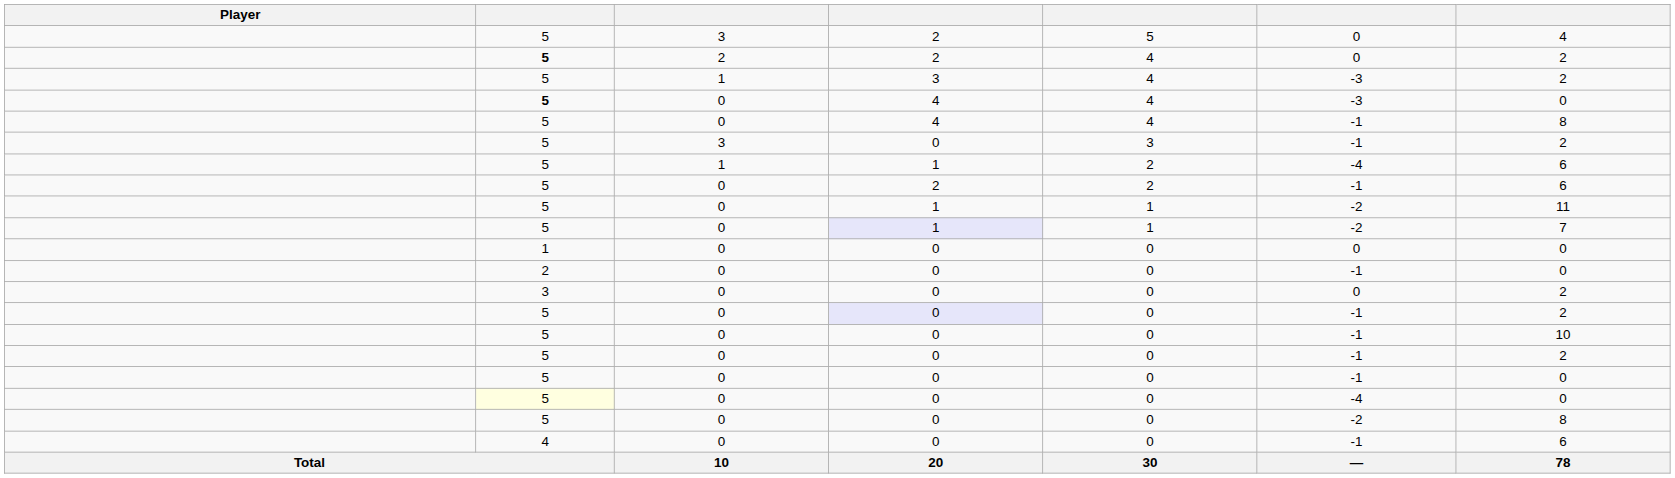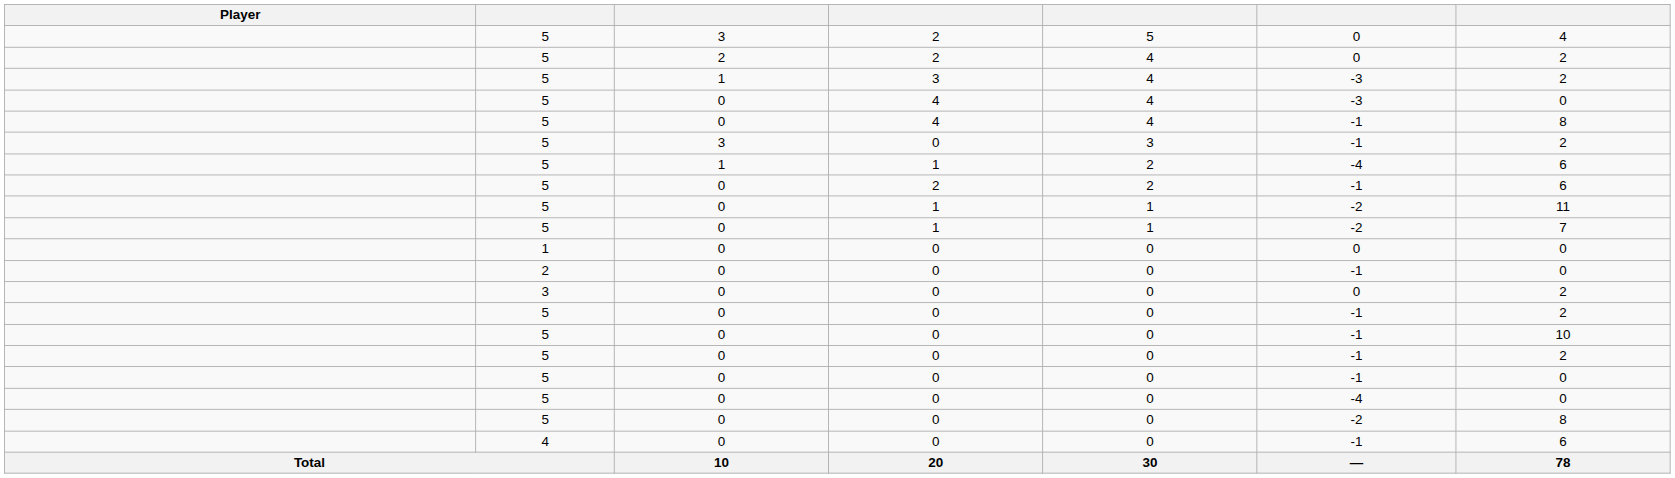 <table class="wikitable sortable" style="width:100%; text-align:center;">
 <tr>
 <th>Player</th>
 <th></th>
 <th></th>
 <th></th>
 <th></th>
 <th data-sort-type="number"></th>
 <th></th>
 </tr>
 <tr>
 <td></td>
 <td>5</td>
 <td>3</td>
 <td>2</td>
 <td>5</td>
 <td>0</td>
 <td>4</td>
 </tr>
 <tr>
 <td></td>
-<td><strong>5</strong></td>
+<td>5</td>
 <td>2</td>
 <td>2</td>
 <td>4</td>
 <td>0</td>
 <td>2</td>
 </tr>
 <tr>
 <td></td>
 <td>5</td>
 <td>1</td>
 <td>3</td>
 <td>4</td>
 <td>-3</td>
 <td>2</td>
 </tr>
 <tr>
 <td></td>
-<td><strong>5</strong></td>
+<td>5</td>
 <td>0</td>
 <td>4</td>
 <td>4</td>
 <td>-3</td>
 <td>0</td>
 </tr>
 <tr>
 <td></td>
 <td>5</td>
 <td>0</td>
 <td>4</td>
 <td>4</td>
 <td>-1</td>
 <td>8</td>
 </tr>
 <tr>
 <td></td>
 <td>5</td>
 <td>3</td>
 <td>0</td>
 <td>3</td>
 <td>-1</td>
 <td>2</td>
 </tr>
 <tr>
 <td></td>
 <td>5</td>
 <td>1</td>
 <td>1</td>
 <td>2</td>
 <td>-4</td>
 <td>6</td>
 </tr>
 <tr>
 <td></td>
 <td>5</td>
 <td>0</td>
 <td>2</td>
 <td>2</td>
 <td>-1</td>
 <td>6</td>
 </tr>
 <tr>
 <td></td>
 <td>5</td>
 <td>0</td>
 <td>1</td>
 <td>1</td>
 <td>-2</td>
 <td>11</td>
 </tr>
 <tr>
 <td></td>
 <td>5</td>
 <td>0</td>
-<td style="background: lavender;">1</td>
+<td>1</td>
 <td>1</td>
 <td>-2</td>
 <td>7</td>
 </tr>
 <tr>
 <td></td>
 <td>1</td>
 <td>0</td>
 <td>0</td>
 <td>0</td>
 <td>0</td>
 <td>0</td>
 </tr>
 <tr>
 <td></td>
 <td>2</td>
 <td>0</td>
 <td>0</td>
 <td>0</td>
 <td>-1</td>
 <td>0</td>
 </tr>
 <tr>
 <td></td>
 <td>3</td>
 <td>0</td>
 <td>0</td>
 <td>0</td>
 <td>0</td>
 <td>2</td>
 </tr>
 <tr>
 <td></td>
 <td>5</td>
 <td>0</td>
-<td style="background: lavender;">0</td>
+<td>0</td>
 <td>0</td>
 <td>-1</td>
 <td>2</td>
 </tr>
 <tr>
 <td></td>
 <td>5</td>
 <td>0</td>
 <td>0</td>
 <td>0</td>
 <td>-1</td>
 <td>10</td>
 </tr>
 <tr>
 <td></td>
 <td>5</td>
 <td>0</td>
 <td>0</td>
 <td>0</td>
 <td>-1</td>
 <td>2</td>
 </tr>
 <tr>
 <td></td>
 <td>5</td>
 <td>0</td>
 <td>0</td>
 <td>0</td>
 <td>-1</td>
 <td>0</td>
 </tr>
 <tr>
 <td></td>
-<td style="background: lightyellow;">5</td>
+<td>5</td>
 <td>0</td>
 <td>0</td>
 <td>0</td>
 <td>-4</td>
 <td>0</td>
 </tr>
 <tr>
 <td></td>
 <td>5</td>
 <td>0</td>
 <td>0</td>
 <td>0</td>
 <td>-2</td>
 <td>8</td>
 </tr>
 <tr>
 <td></td>
 <td>4</td>
 <td>0</td>
 <td>0</td>
 <td>0</td>
 <td>-1</td>
 <td>6</td>
 </tr>
 <tr class="sortbottom">
 <th colspan=2>Total</th>
 <th>10</th>
 <th>20</th>
 <th>30</th>
 <th>—</th>
 <th>78</th>
 </tr>
 </table>
